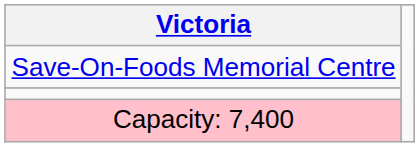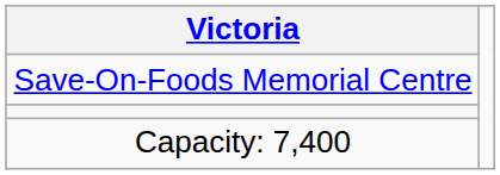 <table class="wikitable" style="text-align:center;margin:1em auto;">
 <tr>
 <th><a href='#'>Victoria</a></th>
 <td rowspan=4></td>
 </tr>
 <tr>
 <td><a href='#'>Save-On-Foods Memorial Centre</a></td>
 </tr>
 <tr>
 <td></td>
 </tr>
 <tr>
-<td style="background: pink;">Capacity: 7,400</td>
+<td>Capacity: 7,400</td>
 </tr>
 </table>
